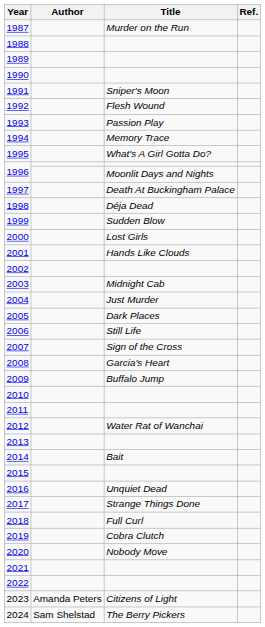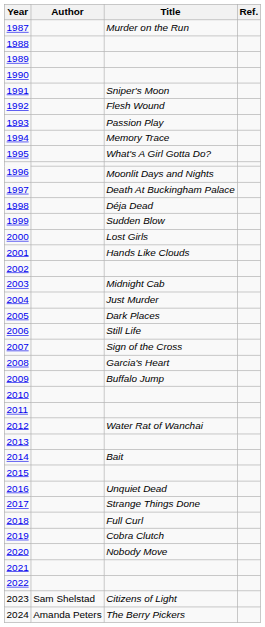 <table class="wikitable sortable mw-collapsible">
 <tr>
 <th>Year</th>
 <th>Author</th>
 <th>Title</th>
 <th>Ref.</th>
 </tr>
 <tr>
 <td><a href='#'>1987</a></td>
 <td></td>
 <td><em>Murder on the Run</em></td>
 <td></td>
 </tr>
 <tr>
 <td><a href='#'>1988</a></td>
 <td></td>
 <td><em></em></td>
 <td></td>
 </tr>
 <tr>
 <td><a href='#'>1989</a></td>
 <td></td>
 <td><em></em></td>
 <td></td>
 </tr>
 <tr>
 <td><a href='#'>1990</a></td>
 <td></td>
 <td><em></em></td>
 <td></td>
 </tr>
 <tr>
 <td><a href='#'>1991</a></td>
 <td></td>
 <td><em>Sniper's Moon</em></td>
 <td></td>
 </tr>
 <tr>
 <td><a href='#'>1992</a></td>
 <td></td>
 <td><em>Flesh Wound</em></td>
 <td></td>
 </tr>
 <tr>
 <td><a href='#'>1993</a></td>
 <td></td>
 <td><em>Passion Play</em></td>
 <td></td>
 </tr>
 <tr>
 <td><a href='#'>1994</a></td>
 <td></td>
 <td><em>Memory Trace</em></td>
 <td></td>
 </tr>
 <tr>
 <td><a href='#'>1995</a></td>
 <td></td>
 <td><em>What's A Girl Gotta Do?</em></td>
 <td></td>
 </tr>
 <tr>
 <td rowspan="2"><a href='#'>1996</a></td>
 <td></td>
 <td><em></em></td>
 <td></td>
 </tr>
 <tr>
 <td></td>
 <td><em>Moonlit Days and Nights</em></td>
 <td></td>
 </tr>
 <tr>
 <td><a href='#'>1997</a></td>
 <td></td>
 <td><em>Death At Buckingham Palace</em></td>
 <td><em></em></td>
 </tr>
 <tr>
 <td><a href='#'>1998</a></td>
 <td></td>
 <td><em>Déja Dead</em></td>
 <td></td>
 </tr>
 <tr>
 <td><a href='#'>1999</a></td>
 <td></td>
 <td><em>Sudden Blow</em></td>
 <td></td>
 </tr>
 <tr>
 <td><a href='#'>2000</a></td>
 <td></td>
 <td><em>Lost Girls</em></td>
 <td></td>
 </tr>
 <tr>
 <td><a href='#'>2001</a></td>
 <td></td>
 <td><em>Hands Like Clouds</em></td>
 <td></td>
 </tr>
 <tr>
 <td><a href='#'>2002</a></td>
 <td></td>
 <td><em></em></td>
 <td></td>
 </tr>
 <tr>
 <td><a href='#'>2003</a></td>
 <td></td>
 <td><em>Midnight Cab</em></td>
 <td></td>
 </tr>
 <tr>
 <td><a href='#'>2004</a></td>
 <td></td>
 <td><em>Just Murder</em></td>
 <td></td>
 </tr>
 <tr>
 <td><a href='#'>2005</a></td>
 <td></td>
 <td><em>Dark Places</em></td>
 <td></td>
 </tr>
 <tr>
 <td><a href='#'>2006</a></td>
 <td></td>
 <td><em>Still Life</em></td>
 <td></td>
 </tr>
 <tr>
 <td><a href='#'>2007</a></td>
 <td></td>
 <td><em>Sign of the Cross</em></td>
 <td></td>
 </tr>
 <tr>
 <td><a href='#'>2008</a></td>
 <td></td>
 <td><em>Garcia's Heart</em></td>
 <td></td>
 </tr>
 <tr>
 <td><a href='#'>2009</a></td>
 <td></td>
 <td><em>Buffalo Jump</em></td>
 <td></td>
 </tr>
 <tr>
 <td><a href='#'>2010</a></td>
 <td></td>
 <td><em></em></td>
 <td></td>
 </tr>
 <tr>
 <td><a href='#'>2011</a></td>
 <td></td>
 <td><em></em></td>
 <td></td>
 </tr>
 <tr>
 <td><a href='#'>2012</a></td>
 <td></td>
 <td><em>Water Rat of Wanchai</em></td>
 <td></td>
 </tr>
 <tr>
 <td><a href='#'>2013</a></td>
 <td></td>
 <td><em></em></td>
 <td></td>
 </tr>
 <tr>
 <td><a href='#'>2014</a></td>
 <td></td>
 <td><em>Bait</em></td>
 <td></td>
 </tr>
 <tr>
 <td><a href='#'>2015</a></td>
 <td></td>
 <td><em></em></td>
 <td></td>
 </tr>
 <tr>
 <td><a href='#'>2016</a></td>
 <td></td>
 <td><em>Unquiet Dead</em></td>
 <td></td>
 </tr>
 <tr>
 <td><a href='#'>2017</a></td>
 <td></td>
 <td><em>Strange Things Done</em></td>
 <td></td>
 </tr>
 <tr>
 <td><a href='#'>2018</a></td>
 <td></td>
 <td><em>Full Curl</em></td>
 <td></td>
 </tr>
 <tr>
 <td><a href='#'>2019</a></td>
 <td></td>
 <td><em>Cobra Clutch</em></td>
 <td></td>
 </tr>
 <tr>
 <td><a href='#'>2020</a></td>
 <td></td>
 <td><em>Nobody Move</em></td>
 <td></td>
 </tr>
 <tr>
 <td><a href='#'>2021</a></td>
 <td></td>
 <td><em></em></td>
 <td></td>
 </tr>
 <tr>
 <td><a href='#'>2022</a></td>
 <td></td>
 <td><em></em></td>
 <td></td>
 </tr>
 <tr>
 <td>2023</td>
-<td>Amanda Peters</td>
+<td>Sam Shelstad</td>
 <td><em>Citizens of Light</em></td>
 <td></td>
 </tr>
 <tr>
 <td>2024</td>
-<td>Sam Shelstad</td>
+<td>Amanda Peters</td>
 <td><em>The Berry Pickers</em></td>
 <td></td>
 </tr>
 </table>
